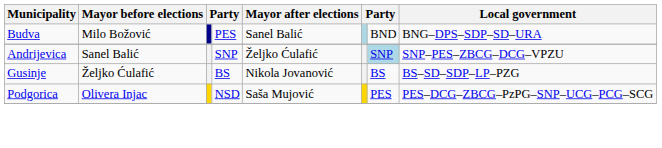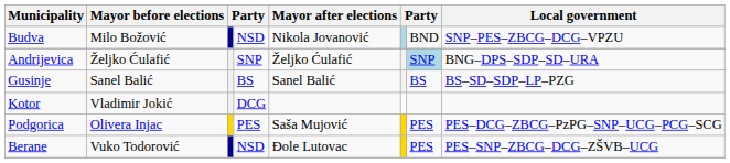 <table class="wikitable sortable">
 <tr>
 <th>Municipality</th>
 <th>Mayor before elections</th>
 <th colspan=2>Party</th>
 <th>Mayor after elections</th>
 <th colspan=2>Party</th>
 <th>Local government</th>
 </tr>
 <tr>
 <td><a href='#'>Budva</a></td>
 <td>Milo Božović</td>
 <th style="background-color: darkblue"></th>
-<td><a href='#'>PES</a></td>
-<td>Sanel Balić</td>
+<td><a href='#'>NSD</a></td>
+<td>Nikola Jovanović</td>
 <th style="background-color: lightblue"></th>
 <td>BND</td>
-<td>BNG–<a href='#'>DPS</a>–<a href='#'>SDP</a>–<a href='#'>SD</a>–<a href='#'>URA</a></td>
+<td><a href='#'>SNP</a>–<a href='#'>PES</a>–<a href='#'>ZBCG</a>–<a href='#'>DCG</a>–VPZU</td>
 </tr>
 <tr>
 </tr>
 <tr>
 <td><a href='#'>Andrijevica</a></td>
-<td>Sanel Balić</td>
+<td>Željko Ćulafić</td>
 <th style="background-color: "></th>
 <td><a href='#'>SNP</a></td>
 <td>Željko Ćulafić</td>
 <th style="background-color: "></th>
 <td style="background: lightblue;"><a href='#'>SNP</a></td>
-<td><a href='#'>SNP</a>–<a href='#'>PES</a>–<a href='#'>ZBCG</a>–<a href='#'>DCG</a>–VPZU</td>
+<td>BNG–<a href='#'>DPS</a>–<a href='#'>SDP</a>–<a href='#'>SD</a>–<a href='#'>URA</a></td>
 </tr>
 <tr>
 <td><a href='#'>Gusinje</a></td>
-<td>Željko Ćulafić</td>
+<td>Sanel Balić</td>
 <th style="background-color: "></th>
 <td><a href='#'>BS</a></td>
-<td>Nikola Jovanović</td>
+<td>Sanel Balić</td>
 <th style="background-color: "></th>
 <td><a href='#'>BS</a></td>
 <td><a href='#'>BS</a>–<a href='#'>SD</a>–<a href='#'>SDP</a>–<a href='#'>LP</a>–PZG</td>
 </tr>
 <tr>
+<td><a href='#'>Kotor</a></td>
+<td>Vladimir Jokić</td>
+<th style="background-color: "></th>
+<td><a href='#'>DCG</a></td>
+<td></td>
+<td></td>
+<td></td>
+<td></td>
+</tr>
+<tr>
 <td><a href='#'>Podgorica</a></td>
 <td><a href='#'>Olivera Injac</a></td>
 <th style="background-color: gold"></th>
-<td><a href='#'>NSD</a></td>
+<td><a href='#'>PES</a></td>
 <td>Saša Mujović</td>
 <th style="background-color: gold"></th>
 <td><a href='#'>PES</a></td>
 <td><a href='#'>PES</a>–<a href='#'>DCG</a>–<a href='#'>ZBCG</a>–PzPG–<a href='#'>SNP</a>–<a href='#'>UCG</a>–<a href='#'>PCG</a>–SCG</td>
 </tr>
 <tr>
+<td><a href='#'>Berane</a></td>
+<td>Vuko Todorović</td>
+<th style="background-color: darkblue"></th>
+<td><a href='#'>NSD</a></td>
+<td>Đole Lutovac</td>
+<th style="background-color: gold"></th>
+<td><a href='#'>PES</a></td>
+<td><a href='#'>PES</a>–<a href='#'>SNP</a>–<a href='#'>ZBCG</a>–<a href='#'>DCG</a>–ZŠVB–<a href='#'>UCG</a></td>
+</tr>
+<tr>
 </tr>
 </table>
